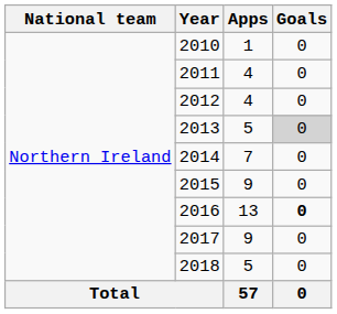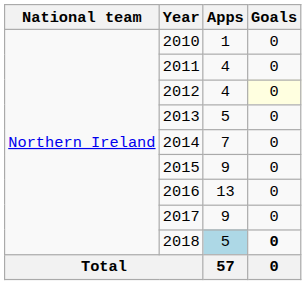 <table class=wikitable style="text-align:center">
 <tr>
 <th>National team</th>
 <th>Year</th>
 <th>Apps</th>
 <th>Goals</th>
 </tr>
 <tr>
 <td rowspan=9><a href='#'>Northern Ireland</a></td>
 <td>2010</td>
 <td>1</td>
 <td>0</td>
 </tr>
 <tr>
 <td>2011</td>
 <td>4</td>
 <td>0</td>
 </tr>
 <tr>
 <td>2012</td>
 <td>4</td>
-<td>0</td>
+<td style="background: lightyellow;">0</td>
 </tr>
 <tr>
 <td>2013</td>
 <td>5</td>
-<td style="background: lightgrey;">0</td>
+<td>0</td>
 </tr>
 <tr>
 <td>2014</td>
 <td>7</td>
 <td>0</td>
 </tr>
 <tr>
 <td>2015</td>
 <td>9</td>
 <td>0</td>
 </tr>
 <tr>
 <td>2016</td>
 <td>13</td>
-<td><strong>0</strong></td>
+<td>0</td>
 </tr>
 <tr>
 <td>2017</td>
 <td>9</td>
 <td>0</td>
 </tr>
 <tr>
 <td>2018</td>
-<td>5</td>
-<td>0</td>
+<td style="background: lightblue;">5</td>
+<td><strong>0</strong></td>
 </tr>
 <tr>
 <th colspan=2>Total</th>
 <th>57</th>
 <th>0</th>
 </tr>
 </table>
